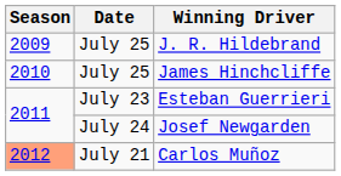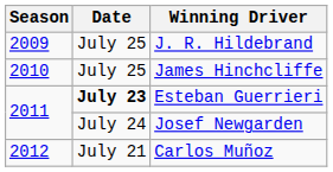 <table class="wikitable" style="font-size: 95%;">
 <tr>
 <th>Season</th>
 <th>Date</th>
 <th>Winning Driver</th>
 </tr>
 <tr>
 <td><a href='#'>2009</a></td>
 <td>July 25</td>
 <td> <a href='#'>J. R. Hildebrand</a></td>
 </tr>
 <tr>
 <td><a href='#'>2010</a></td>
 <td>July 25</td>
 <td> <a href='#'>James Hinchcliffe</a></td>
 </tr>
 <tr>
 <td rowspan=2><a href='#'>2011</a></td>
-<td>July 23</td>
+<td><strong>July 23</strong></td>
 <td> <a href='#'>Esteban Guerrieri</a></td>
 </tr>
 <tr>
 <td>July 24</td>
 <td> <a href='#'>Josef Newgarden</a></td>
 </tr>
 <tr>
-<td style="background: lightsalmon;"><a href='#'>2012</a></td>
+<td><a href='#'>2012</a></td>
 <td>July 21</td>
 <td> <a href='#'>Carlos Muñoz</a></td>
 </tr>
 </table>
